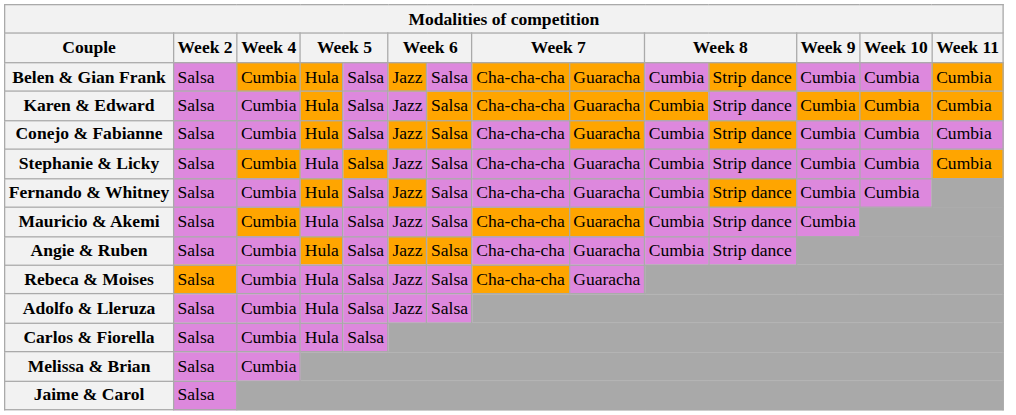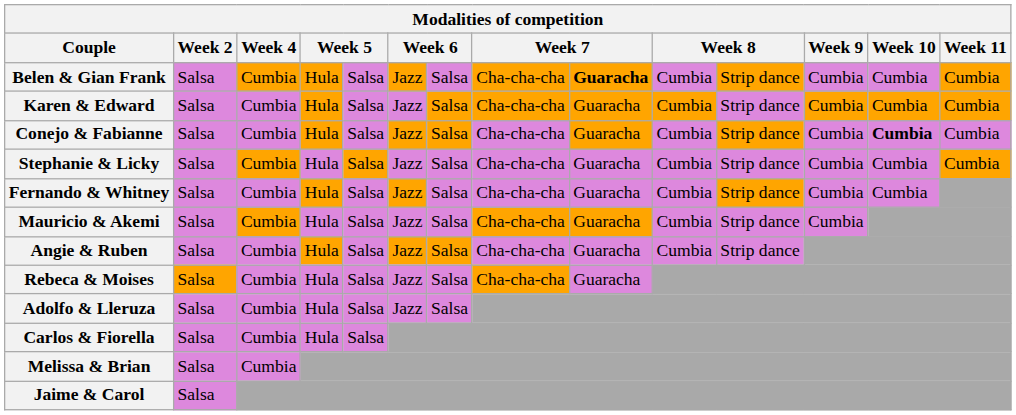 <table class="wikitable collapsible collapsed" style="text-align:left; font-size:85%; line-height:16px;">
 <tr>
 <th colspan=15>Modalities of competition</th>
 </tr>
 <tr>
 <th>Couple</th>
 <th>Week 2</th>
 <th>Week 4</th>
 <th colspan="2">Week 5</th>
 <th colspan="2">Week 6</th>
 <th colspan="2">Week 7</th>
 <th colspan="2">Week 8</th>
 <th>Week 9</th>
 <th>Week 10</th>
 <th colspan="3">Week 11</th>
 </tr>
 <tr>
 <th>Belen & Gian Frank</th>
 <td style="background:#dd88dd;">Salsa</td>
 <td style="background:orange;">Cumbia</td>
 <td style="background:orange;">Hula</td>
 <td style="background:#dd88dd;">Salsa</td>
 <td style="background:orange;">Jazz</td>
 <td style="background:#dd88dd;">Salsa</td>
 <td style="background:orange;">Cha-cha-cha</td>
-<td style="background:orange;">Guaracha</td>
+<td style="background:orange;"><strong>Guaracha</strong></td>
 <td style="background:#dd88dd;">Cumbia</td>
 <td style="background:orange;">Strip dance</td>
 <td style="background:#dd88dd;">Cumbia</td>
 <td style="background:#dd88dd;">Cumbia</td>
 <td style="background:orange;">Cumbia</td>
 </tr>
 <tr>
 <th>Karen & Edward</th>
 <td style="background:#dd88dd;">Salsa</td>
 <td style="background:#dd88dd;">Cumbia</td>
 <td style="background:orange;">Hula</td>
 <td style="background:#dd88dd;">Salsa</td>
 <td style="background:#dd88dd;">Jazz</td>
 <td style="background:orange;">Salsa</td>
 <td style="background:orange;">Cha-cha-cha</td>
 <td style="background:orange;">Guaracha</td>
 <td style="background:orange;">Cumbia</td>
 <td style="background:#dd88dd;">Strip dance</td>
 <td style="background:orange;">Cumbia</td>
 <td style="background:orange;">Cumbia</td>
 <td style="background:orange;">Cumbia</td>
 </tr>
 <tr>
 <th>Conejo & Fabianne</th>
 <td style="background:#dd88dd;">Salsa</td>
 <td style="background:#dd88dd;">Cumbia</td>
 <td style="background:orange;">Hula</td>
 <td style="background:#dd88dd;">Salsa</td>
 <td style="background:orange;">Jazz</td>
 <td style="background:orange;">Salsa</td>
 <td style="background:#dd88dd;">Cha-cha-cha</td>
 <td style="background:orange;">Guaracha</td>
 <td style="background:#dd88dd;">Cumbia</td>
 <td style="background:orange;">Strip dance</td>
 <td style="background:#dd88dd;">Cumbia</td>
-<td style="background:#dd88dd;">Cumbia</td>
+<td style="background:#dd88dd;"><strong>Cumbia</strong></td>
 <td style="background:#dd88dd;">Cumbia</td>
 </tr>
 <tr>
 <th>Stephanie & Licky</th>
 <td style="background:#dd88dd;">Salsa</td>
 <td style="background:orange;">Cumbia</td>
 <td style="background:#dd88dd;">Hula</td>
 <td style="background:orange;">Salsa</td>
 <td style="background:#dd88dd;">Jazz</td>
 <td style="background:#dd88dd;">Salsa</td>
 <td style="background:#dd88dd;">Cha-cha-cha</td>
 <td style="background:#dd88dd;">Guaracha</td>
 <td style="background:#dd88dd;">Cumbia</td>
 <td style="background:#dd88dd;">Strip dance</td>
 <td style="background:#dd88dd;">Cumbia</td>
 <td style="background:#dd88dd;">Cumbia</td>
 <td style="background:orange;">Cumbia</td>
 </tr>
 <tr>
 <th>Fernando & Whitney</th>
 <td style="background:#dd88dd;">Salsa</td>
 <td style="background:#dd88dd;">Cumbia</td>
 <td style="background:orange;">Hula</td>
 <td style="background:#dd88dd;">Salsa</td>
 <td style="background:orange;">Jazz</td>
 <td style="background:#dd88dd;">Salsa</td>
 <td style="background:#dd88dd;">Cha-cha-cha</td>
 <td style="background:#dd88dd;">Guaracha</td>
 <td style="background:#dd88dd;">Cumbia</td>
 <td style="background:orange;">Strip dance</td>
 <td style="background:#dd88dd;">Cumbia</td>
 <td style="background:#dd88dd;">Cumbia</td>
 <td style="background:darkgray;" colspan=1></td>
 </tr>
 <tr>
 <th>Mauricio & Akemi</th>
 <td style="background:#dd88dd;">Salsa</td>
 <td style="background:orange;">Cumbia</td>
 <td style="background:#dd88dd;">Hula</td>
 <td style="background:#dd88dd;">Salsa</td>
 <td style="background:#dd88dd;">Jazz</td>
 <td style="background:#dd88dd;">Salsa</td>
 <td style="background:orange;">Cha-cha-cha</td>
 <td style="background:orange;">Guaracha</td>
 <td style="background:#dd88dd;">Cumbia</td>
 <td style="background:#dd88dd;">Strip dance</td>
 <td style="background:#dd88dd;">Cumbia</td>
 <td style="background:darkgray;" colspan=2></td>
 </tr>
 <tr>
 <th>Angie & Ruben</th>
 <td style="background:#dd88dd;">Salsa</td>
 <td style="background:#dd88dd;">Cumbia</td>
 <td style="background:orange;">Hula</td>
 <td style="background:#dd88dd;">Salsa</td>
 <td style="background:orange;">Jazz</td>
 <td style="background:orange;">Salsa</td>
 <td style="background:#dd88dd;">Cha-cha-cha</td>
 <td style="background:#dd88dd;">Guaracha</td>
 <td style="background:#dd88dd;">Cumbia</td>
 <td style="background:#dd88dd;">Strip dance</td>
 <td style="background:darkgray;" colspan=3></td>
 </tr>
 <tr>
 <th>Rebeca & Moises</th>
 <td style="background:orange;">Salsa</td>
 <td style="background:#dd88dd;">Cumbia</td>
 <td style="background:#dd88dd;">Hula</td>
 <td style="background:#dd88dd;">Salsa</td>
 <td style="background:#dd88dd;">Jazz</td>
 <td style="background:#dd88dd;">Salsa</td>
 <td style="background:orange;">Cha-cha-cha</td>
 <td style="background:#dd88dd;">Guaracha</td>
 <td style="background:darkgray;" colspan=5></td>
 </tr>
 <tr>
 <th>Adolfo & Lleruza</th>
 <td style="background:#dd88dd;">Salsa</td>
 <td style="background:#dd88dd;">Cumbia</td>
 <td style="background:#dd88dd;">Hula</td>
 <td style="background:#dd88dd;">Salsa</td>
 <td style="background:#dd88dd;">Jazz</td>
 <td style="background:#dd88dd;">Salsa</td>
 <td style="background:darkgray;" colspan=7></td>
 </tr>
 <tr>
 <th>Carlos & Fiorella</th>
 <td style="background:#dd88dd;">Salsa</td>
 <td style="background:#dd88dd;">Cumbia</td>
 <td style="background:#dd88dd;">Hula</td>
 <td style="background:#dd88dd;">Salsa</td>
 <td style="background:darkgray;" colspan=9></td>
 </tr>
 <tr>
 <th>Melissa & Brian</th>
 <td style="background:#dd88dd;">Salsa</td>
 <td style="background:#dd88dd;">Cumbia</td>
 <td style="background:darkgray;" colspan=11></td>
 </tr>
 <tr>
 <th>Jaime & Carol</th>
 <td style="background:#dd88dd;">Salsa</td>
 <td style="background:darkgray;" colspan=12></td>
 </tr>
 </table>
